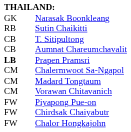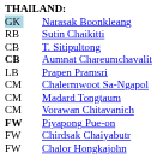 <table style="font-size: 90%" cellspacing="0" cellpadding="0">
 <tr>
 <td colspan="4"><strong>THAILAND:</strong></td>
 </tr>
 <tr>
 <th width="25"></th>
 <th width="25"></th>
 </tr>
 <tr>
-<td>GK</td>
+<td style="background: lightblue;">GK</td>
 <td><strong></strong></td>
 <td><a href='#'>Narasak Boonkleang</a></td>
 </tr>
 <tr>
 <td>RB</td>
 <td><strong></strong></td>
 <td><a href='#'>Sutin Chaikitti</a></td>
 </tr>
 <tr>
 <td>CB</td>
 <td><strong></strong></td>
 <td><a href='#'>T. Sitipultong</a></td>
 </tr>
 <tr>
-<td>CB</td>
+<td><strong>CB</strong></td>
 <td><strong></strong></td>
 <td><a href='#'>Aumnat Chareumchavalit</a></td>
 </tr>
 <tr>
-<td><strong>LB</strong></td>
+<td>LB</td>
 <td><strong></strong></td>
 <td><a href='#'>Prapen Pramsri</a></td>
 </tr>
 <tr>
 <td>CM</td>
 <td><strong></strong></td>
 <td><a href='#'>Chalermwoot Sa-Ngapol</a></td>
 </tr>
 <tr>
 <td>CM</td>
 <td><strong></strong></td>
 <td><a href='#'>Madard Tongtaum</a></td>
 </tr>
 <tr>
 <td>CM</td>
 <td><strong></strong></td>
 <td><a href='#'>Vorawan Chitavanich</a></td>
 </tr>
 <tr>
-<td>FW</td>
+<td><strong>FW</strong></td>
 <td><strong></strong></td>
 <td><a href='#'>Piyapong Pue-on</a></td>
 </tr>
 <tr>
 <td>FW</td>
 <td><strong></strong></td>
 <td><a href='#'>Chirdsak Chaiyabutr</a></td>
 </tr>
 <tr>
 <td>FW</td>
 <td><strong></strong></td>
 <td><a href='#'>Chalor Hongkajohn</a></td>
 </tr>
 <tr>
 </tr>
 </table>
